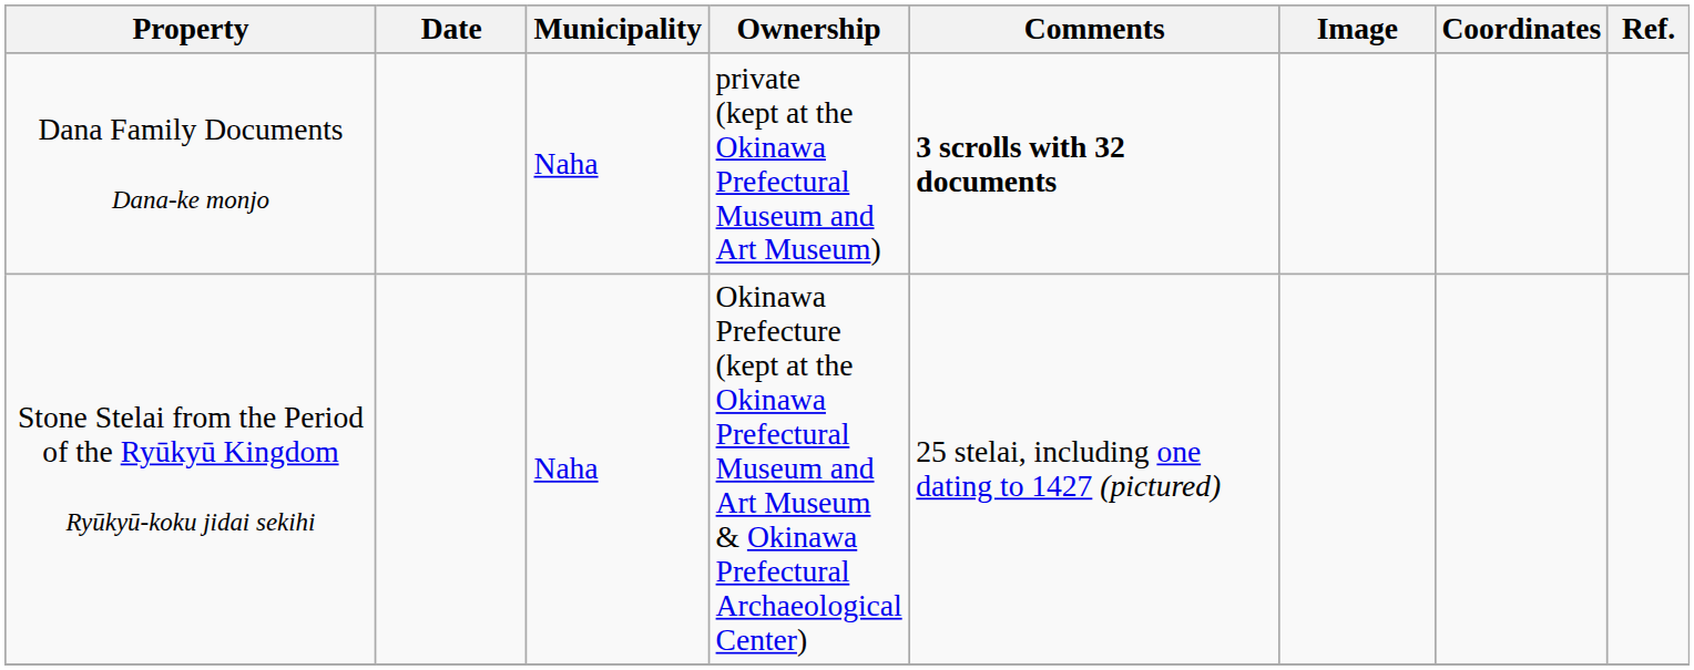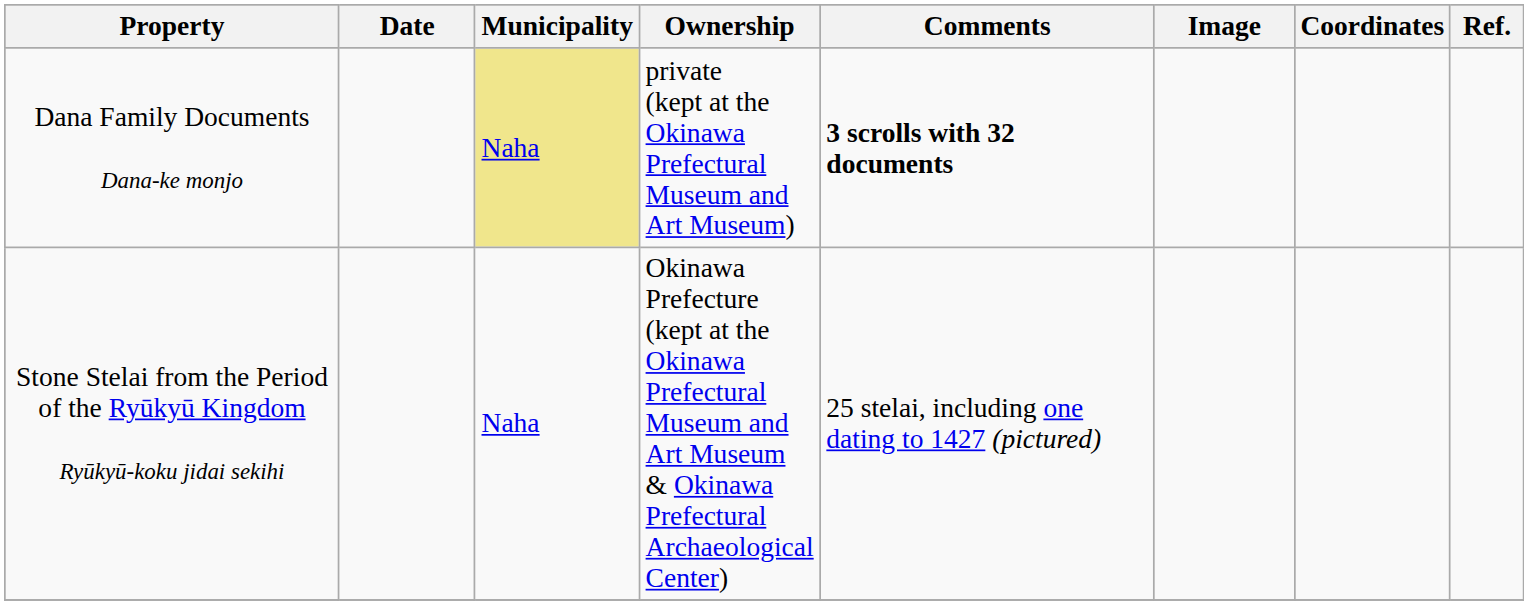 <table class="wikitable sortable"  style="width:100%;">
 <tr>
 <th width="25%" align="left">Property</th>
 <th width="10%" align="left">Date</th>
 <th width="10%" align="left">Municipality</th>
 <th width="10%" align="left">Ownership</th>
 <th width="25%" align="left" class="unsortable">Comments</th>
 <th width="10%" align="left" class="unsortable">Image</th>
 <th width="5%" align="left" class="unsortable">Coordinates</th>
 <th width="5%" align="left" class="unsortable">Ref.</th>
 </tr>
 <tr>
 <td align="center">Dana Family Documents<br><br><small><em>Dana-ke monjo</em></small></td>
 <td></td>
-<td><a href='#'>Naha</a></td>
+<td style="background: khaki;"><a href='#'>Naha</a></td>
 <td>private<br>(kept at the <a href='#'>Okinawa Prefectural Museum and Art Museum</a>)</td>
 <td><strong>3 scrolls with 32 documents</strong></td>
 <td></td>
 <td></td>
 <td></td>
 </tr>
 <tr>
 <td align="center">Stone Stelai from the Period of the <a href='#'>Ryūkyū Kingdom</a><br><br><small><em>Ryūkyū-koku jidai sekihi</em></small></td>
 <td></td>
 <td><a href='#'>Naha</a></td>
 <td>Okinawa Prefecture<br>(kept at the <a href='#'>Okinawa Prefectural Museum and Art Museum</a> & <a href='#'>Okinawa Prefectural Archaeological Center</a>)</td>
 <td>25 stelai, including <a href='#'>one dating to 1427</a> <em>(pictured)</em></td>
 <td></td>
 <td></td>
 <td></td>
 </tr>
 <tr>
 </tr>
 </table>
